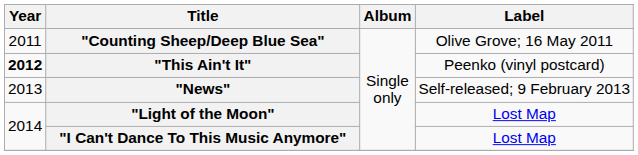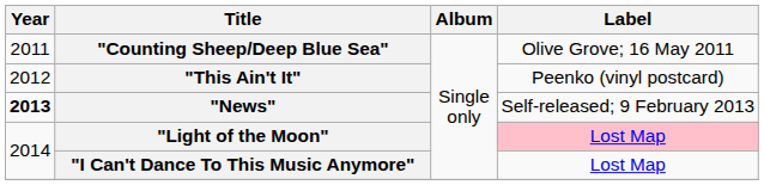 <table class="wikitable plainrowheaders" style="text-align:center;">
 <tr>
 <th scope="col" rowspan="1">Year</th>
 <th scope="col" rowspan="1" style="width:20em;">Title</th>
 <th scope="col" rowspan="1">Album</th>
 <th scope="col" rowspan="1">Label</th>
 </tr>
 <tr>
 <td rowspan="1">2011</td>
 <th scope="row">"Counting Sheep/Deep Blue Sea"</th>
 <td rowspan="5">Single<br>only</td>
 <td>Olive Grove; 16 May 2011</td>
 </tr>
 <tr>
-<td rowspan="1"><strong>2012</strong></td>
+<td rowspan="1">2012</td>
 <th scope="row">"This Ain't It"</th>
 <td>Peenko (vinyl postcard)</td>
 </tr>
 <tr>
-<td>2013</td>
+<td><strong>2013</strong></td>
 <th scope="row">"News"</th>
 <td>Self-released; 9 February 2013</td>
 </tr>
 <tr>
 <td rowspan="2">2014</td>
 <th scope="row">"Light of the Moon"</th>
-<td rowspan="1"><a href='#'>Lost Map</a></td>
+<td rowspan="1" style="background: pink;"><a href='#'>Lost Map</a></td>
 </tr>
 <tr>
 <th scope="row">"I Can't Dance To This Music Anymore"</th>
 <td rowspan="1"><a href='#'>Lost Map</a></td>
 </tr>
 <tr>
 </tr>
 </table>
